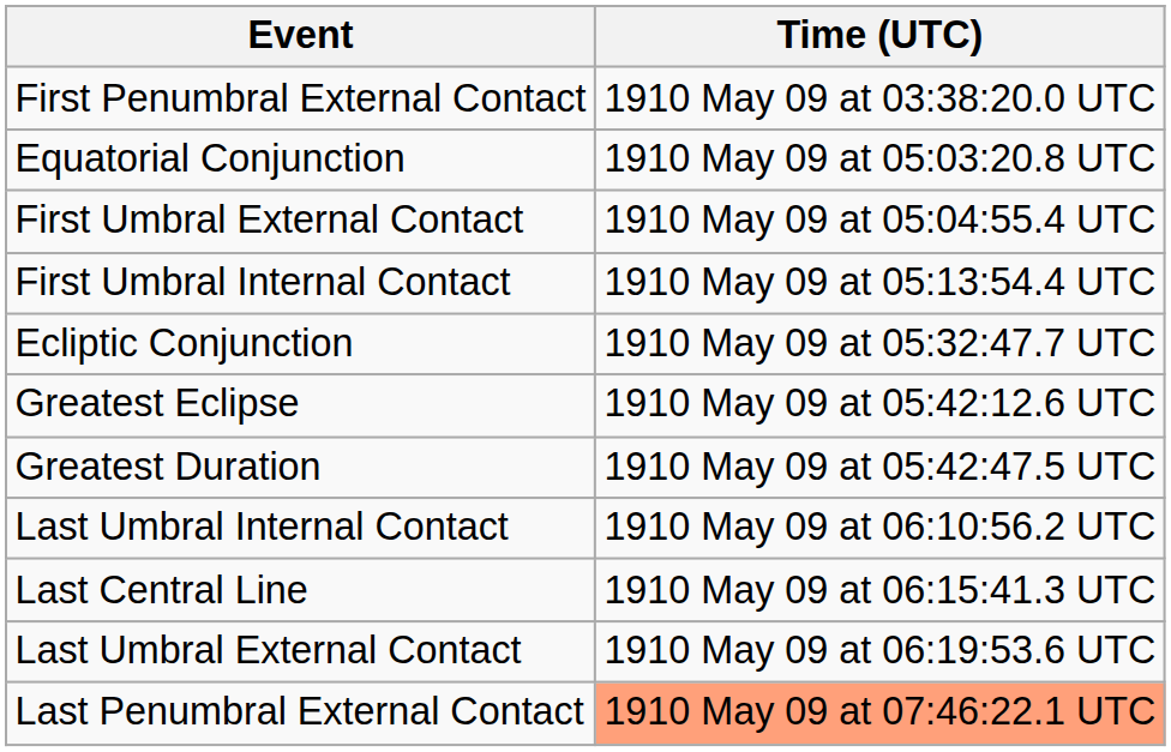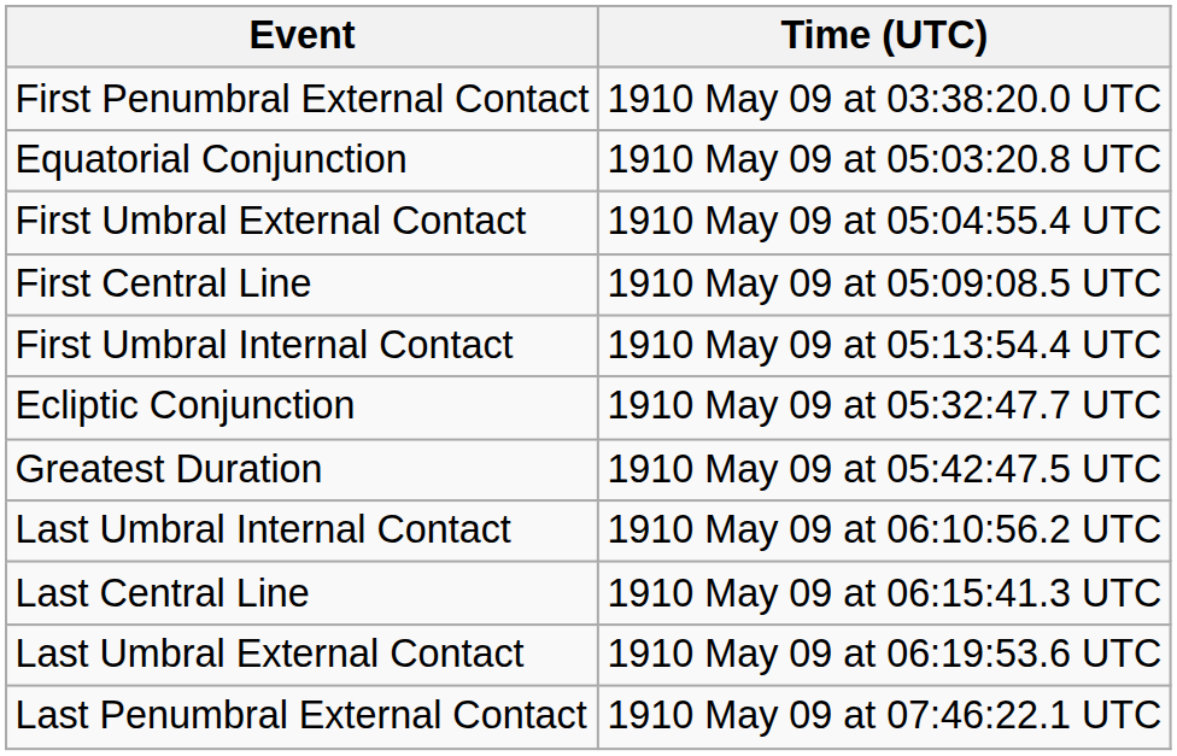 <table class="wikitable">
 <tr>
 <th>Event</th>
 <th>Time (UTC)</th>
 </tr>
 <tr>
 <td>First Penumbral External Contact</td>
 <td>1910 May 09 at 03:38:20.0 UTC</td>
 </tr>
 <tr>
 <td>Equatorial Conjunction</td>
 <td>1910 May 09 at 05:03:20.8 UTC</td>
 </tr>
 <tr>
 <td>First Umbral External Contact</td>
 <td>1910 May 09 at 05:04:55.4 UTC</td>
 </tr>
 <tr>
+<td>First Central Line</td>
+<td>1910 May 09 at 05:09:08.5 UTC</td>
+</tr>
+<tr>
 <td>First Umbral Internal Contact</td>
 <td>1910 May 09 at 05:13:54.4 UTC</td>
 </tr>
 <tr>
 <td>Ecliptic Conjunction</td>
 <td>1910 May 09 at 05:32:47.7 UTC</td>
-</tr>
-<tr>
-<td>Greatest Eclipse</td>
-<td>1910 May 09 at 05:42:12.6 UTC</td>
 </tr>
 <tr>
 <td>Greatest Duration</td>
 <td>1910 May 09 at 05:42:47.5 UTC</td>
 </tr>
 <tr>
 <td>Last Umbral Internal Contact</td>
 <td>1910 May 09 at 06:10:56.2 UTC</td>
 </tr>
 <tr>
 <td>Last Central Line</td>
 <td>1910 May 09 at 06:15:41.3 UTC</td>
 </tr>
 <tr>
 <td>Last Umbral External Contact</td>
 <td>1910 May 09 at 06:19:53.6 UTC</td>
 </tr>
 <tr>
 <td>Last Penumbral External Contact</td>
-<td style="background: lightsalmon;">1910 May 09 at 07:46:22.1 UTC</td>
+<td>1910 May 09 at 07:46:22.1 UTC</td>
 </tr>
 </table>
